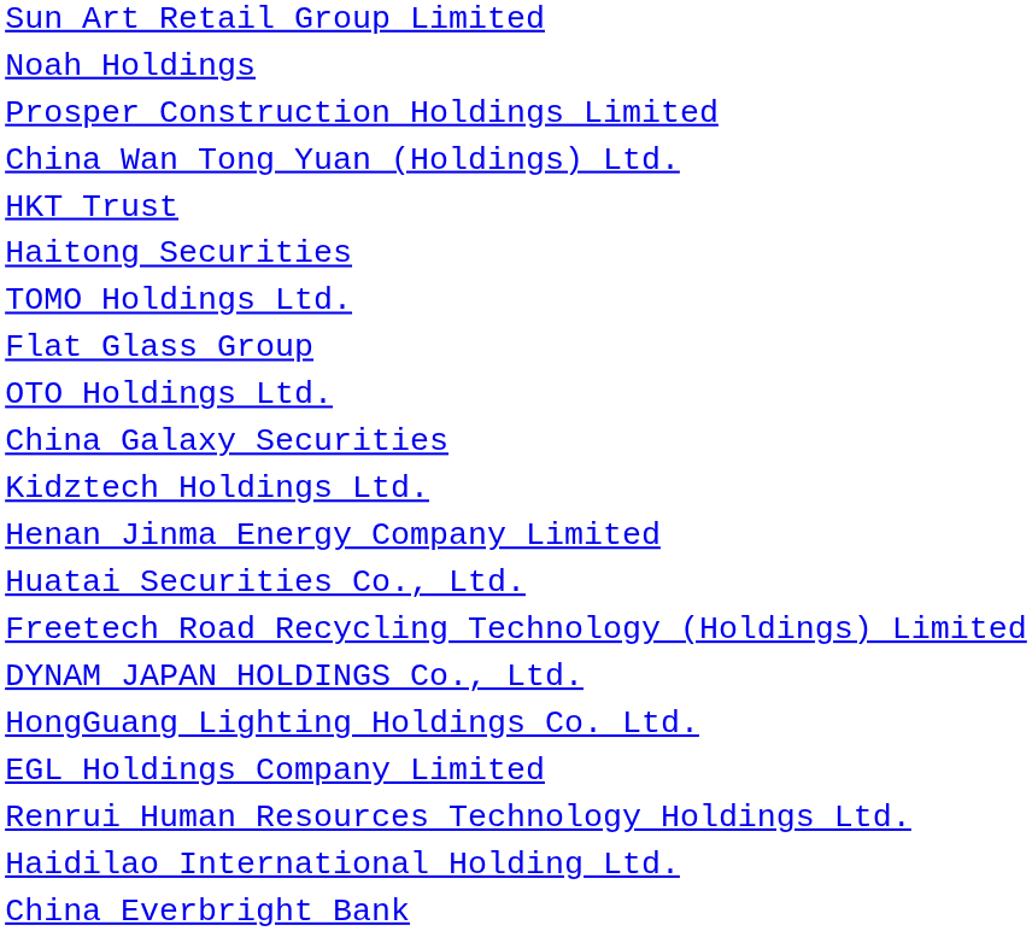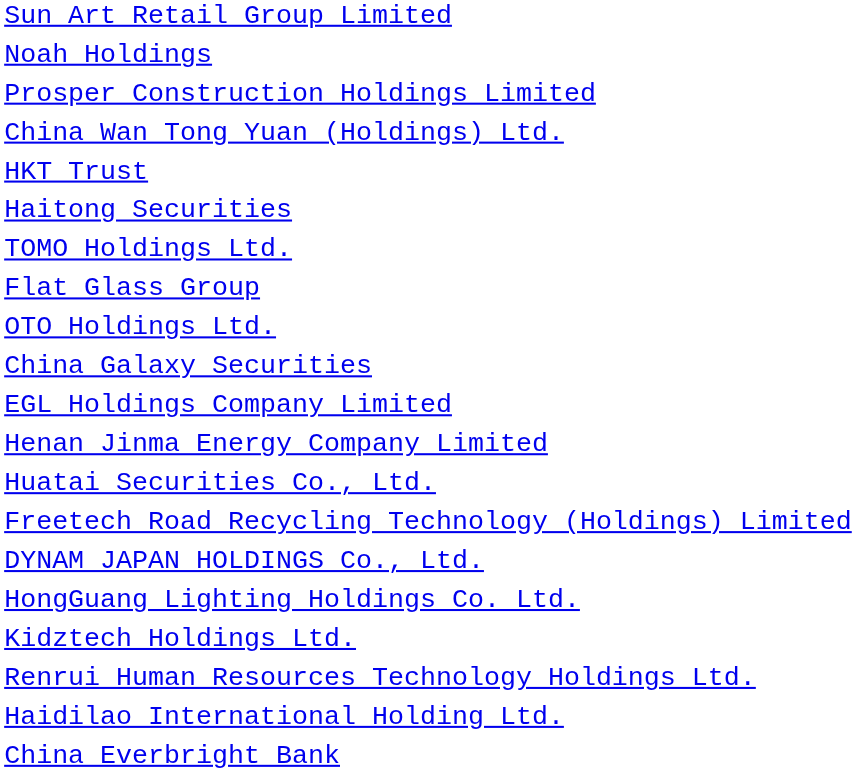 <table>
 <tr>
 <td> <a href='#'>Sun Art Retail Group Limited</a></td>
 </tr>
 <tr>
 <td> <a href='#'>Noah Holdings</a></td>
 </tr>
 <tr>
 <td> <a href='#'>Prosper Construction Holdings Limited</a></td>
 </tr>
 <tr>
 <td> <a href='#'>China Wan Tong Yuan (Holdings) Ltd.</a></td>
 </tr>
 <tr>
 <td> <a href='#'>HKT Trust</a></td>
 </tr>
 <tr>
 <td> <a href='#'>Haitong Securities</a></td>
 </tr>
 <tr>
 <td> <a href='#'>TOMO Holdings Ltd.</a></td>
 </tr>
 <tr>
 <td> <a href='#'>Flat Glass Group</a></td>
 </tr>
 <tr>
 <td> <a href='#'>OTO Holdings Ltd.</a></td>
 </tr>
 <tr>
 <td> <a href='#'>China Galaxy Securities</a></td>
 </tr>
 <tr>
-<td> <a href='#'>Kidztech Holdings Ltd.</a></td>
+<td> <a href='#'>EGL Holdings Company Limited</a></td>
 </tr>
 <tr>
 <td> <a href='#'>Henan Jinma Energy Company Limited</a></td>
 </tr>
 <tr>
 <td> <a href='#'>Huatai Securities Co., Ltd.</a></td>
 </tr>
 <tr>
 <td> <a href='#'>Freetech Road Recycling Technology (Holdings) Limited</a></td>
 </tr>
 <tr>
 <td> <a href='#'>DYNAM JAPAN HOLDINGS Co., Ltd.</a></td>
 </tr>
 <tr>
 <td> <a href='#'>HongGuang Lighting Holdings Co. Ltd.</a></td>
 </tr>
 <tr>
-<td> <a href='#'>EGL Holdings Company Limited</a></td>
+<td> <a href='#'>Kidztech Holdings Ltd.</a></td>
 </tr>
 <tr>
 <td> <a href='#'>Renrui Human Resources Technology Holdings Ltd.</a></td>
 </tr>
 <tr>
 <td> <a href='#'>Haidilao International Holding Ltd.</a></td>
 </tr>
 <tr>
 <td> <a href='#'>China Everbright Bank</a></td>
 </tr>
 </table>
